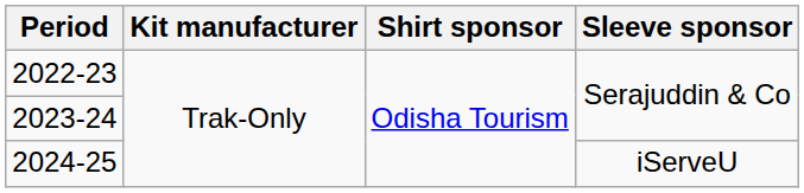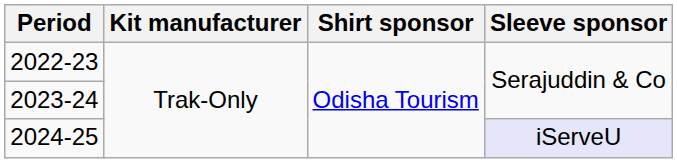 <table class="wikitable" style="text-align:center;margin-left:1em;float:center">
 <tr>
 <th>Period</th>
 <th>Kit manufacturer</th>
 <th>Shirt sponsor</th>
 <th>Sleeve sponsor</th>
 </tr>
 <tr>
 <td>2022-23</td>
 <td rowspan="3">Trak-Only</td>
 <td rowspan="3"><a href='#'>Odisha Tourism</a></td>
 <td rowspan="2">Serajuddin & Co</td>
 </tr>
 <tr>
 <td>2023-24</td>
 </tr>
 <tr>
 <td>2024-25</td>
-<td>iServeU</td>
+<td style="background: lavender;">iServeU</td>
 </tr>
 </table>
